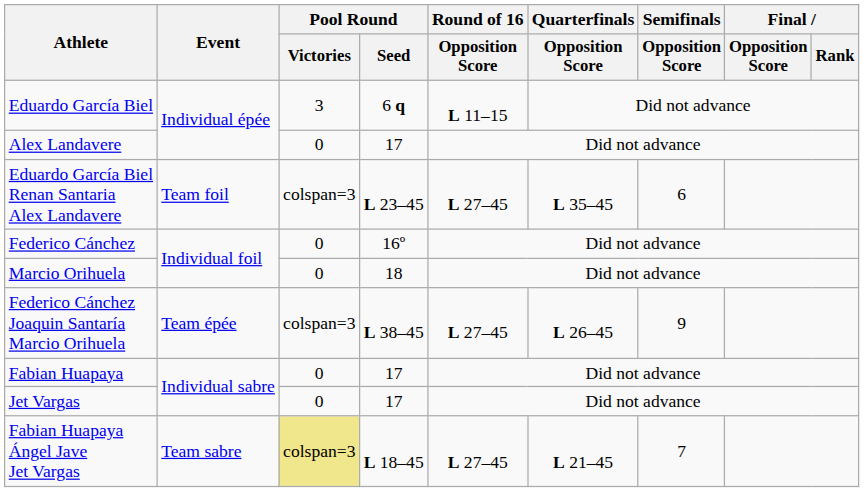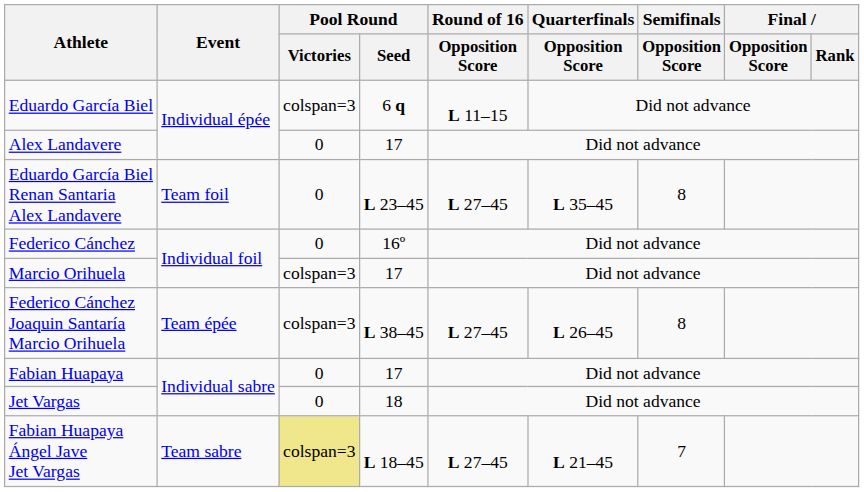 <table class=wikitable style="font-size:90%">
 <tr>
 <th rowspan="2">Athlete</th>
 <th rowspan="2">Event</th>
 <th colspan=2>Pool Round</th>
 <th>Round of 16</th>
 <th>Quarterfinals</th>
 <th>Semifinals</th>
 <th colspan=2>Final / </th>
 </tr>
 <tr style="font-size:95%">
 <th>Victories</th>
 <th>Seed</th>
 <th>Opposition<br>Score</th>
 <th>Opposition<br>Score</th>
 <th>Opposition<br>Score</th>
 <th>Opposition<br>Score</th>
 <th>Rank</th>
 </tr>
 <tr align=center>
 <td align=left><a href='#'>Eduardo García Biel</a></td>
 <td align=left rowspan=2><a href='#'>Individual épée</a></td>
-<td>3</td>
+<td>colspan=3 </td>
 <td>6 <strong>q</strong></td>
 <td><br><strong>L</strong> 11–15</td>
 <td colspan=4>Did not advance</td>
 </tr>
 <tr align=center>
 <td align=left><a href='#'>Alex Landavere</a></td>
 <td>0</td>
 <td>17</td>
 <td colspan=5>Did not advance</td>
 </tr>
 <tr align=center>
 <td align=left><a href='#'>Eduardo García Biel</a><br><a href='#'>Renan Santaria</a><br><a href='#'>Alex Landavere</a></td>
 <td align=left><a href='#'>Team foil</a></td>
-<td>colspan=3 </td>
+<td>0</td>
 <td><br><strong>L</strong> 23–45</td>
 <td><br><strong>L</strong> 27–45</td>
 <td><br><strong>L</strong> 35–45</td>
-<td>6</td>
+<td>8</td>
 </tr>
 <tr align=center>
 <td align=left><a href='#'>Federico Cánchez</a></td>
 <td align=left rowspan=2><a href='#'>Individual foil</a></td>
 <td>0</td>
 <td>16º</td>
 <td colspan=5>Did not advance</td>
 </tr>
 <tr align=center>
 <td align=left><a href='#'>Marcio Orihuela</a></td>
-<td>0</td>
-<td>18</td>
+<td>colspan=3 </td>
+<td>17</td>
 <td colspan=5>Did not advance</td>
 </tr>
 <tr align=center>
 <td align=left><a href='#'>Federico Cánchez</a><br><a href='#'>Joaquin Santaría</a><br><a href='#'>Marcio Orihuela</a></td>
 <td align=left><a href='#'>Team épée</a></td>
 <td>colspan=3 </td>
 <td><br><strong>L</strong> 38–45</td>
 <td><br><strong>L</strong> 27–45</td>
 <td><br><strong>L</strong> 26–45</td>
-<td>9</td>
+<td>8</td>
 </tr>
 <tr align=center>
 <td align=left><a href='#'>Fabian Huapaya</a></td>
 <td align=left rowspan=2><a href='#'>Individual sabre</a></td>
 <td>0</td>
 <td>17</td>
 <td colspan=5>Did not advance</td>
 </tr>
 <tr align=center>
 <td align=left><a href='#'>Jet Vargas</a></td>
 <td>0</td>
-<td>17</td>
+<td>18</td>
 <td colspan=5>Did not advance</td>
 </tr>
 <tr align=center>
 <td align=left><a href='#'>Fabian Huapaya</a><br><a href='#'>Ángel Jave</a><br><a href='#'>Jet Vargas</a></td>
 <td align=left><a href='#'>Team sabre</a></td>
 <td style="background: khaki;">colspan=3 </td>
 <td><br><strong>L</strong> 18–45</td>
 <td><br><strong>L</strong> 27–45</td>
 <td><br><strong>L</strong> 21–45</td>
 <td>7</td>
 </tr>
 </table>
